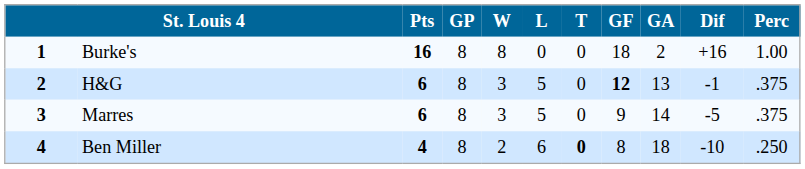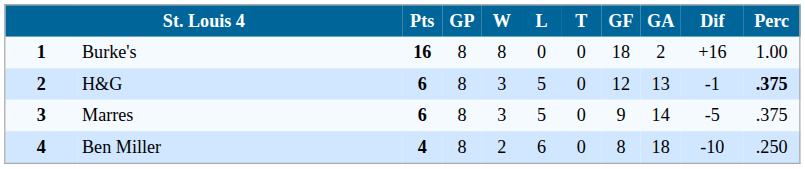 <table align=center width=50% cellpadding="4" cellspacing="0" style="background: #f9f9f9; border: 1px #aaa solid; border-collapse: collapse; font-size: 90%;">
 <tr align=center bgcolor=#006699 style="color:white;">
 <th width=50% colspan=2>St. Louis 4</th>
 <th width=5%>Pts</th>
 <th width=5%>GP</th>
 <th width=5%>W</th>
 <th width=5%>L</th>
 <th width=5%>T</th>
 <th width=5%>GF</th>
 <th width=5%>GA</th>
 <th width=8%>Dif</th>
 <th width=10%>Perc</th>
 </tr>
 <tr align=center bgcolor=#F5FAFF>
 <td><strong>1</strong></td>
 <td align=left>Burke's</td>
 <td><strong>16</strong></td>
 <td>8</td>
 <td>8</td>
 <td>0</td>
 <td>0</td>
 <td>18</td>
 <td>2</td>
 <td>+16</td>
 <td>1.00</td>
 </tr>
 <tr align=center bgcolor=#D0E7FF>
 <td><strong>2</strong></td>
 <td align=left>H&G</td>
 <td><strong>6</strong></td>
 <td>8</td>
 <td>3</td>
 <td>5</td>
 <td>0</td>
-<td><strong>12</strong></td>
+<td>12</td>
 <td>13</td>
 <td>-1</td>
-<td>.375</td>
+<td><strong>.375</strong></td>
 </tr>
 <tr align=center bgcolor=#F5FAFF>
 <td><strong>3</strong></td>
 <td align=left>Marres</td>
 <td><strong>6</strong></td>
 <td>8</td>
 <td>3</td>
 <td>5</td>
 <td>0</td>
 <td>9</td>
 <td>14</td>
 <td>-5</td>
 <td>.375</td>
 </tr>
 <tr align=center bgcolor=#D0E7FF>
 <td><strong>4</strong></td>
 <td align=left>Ben Miller</td>
 <td><strong>4</strong></td>
 <td>8</td>
 <td>2</td>
 <td>6</td>
-<td><strong>0</strong></td>
+<td>0</td>
 <td>8</td>
 <td>18</td>
 <td>-10</td>
 <td>.250</td>
 </tr>
 </table>
